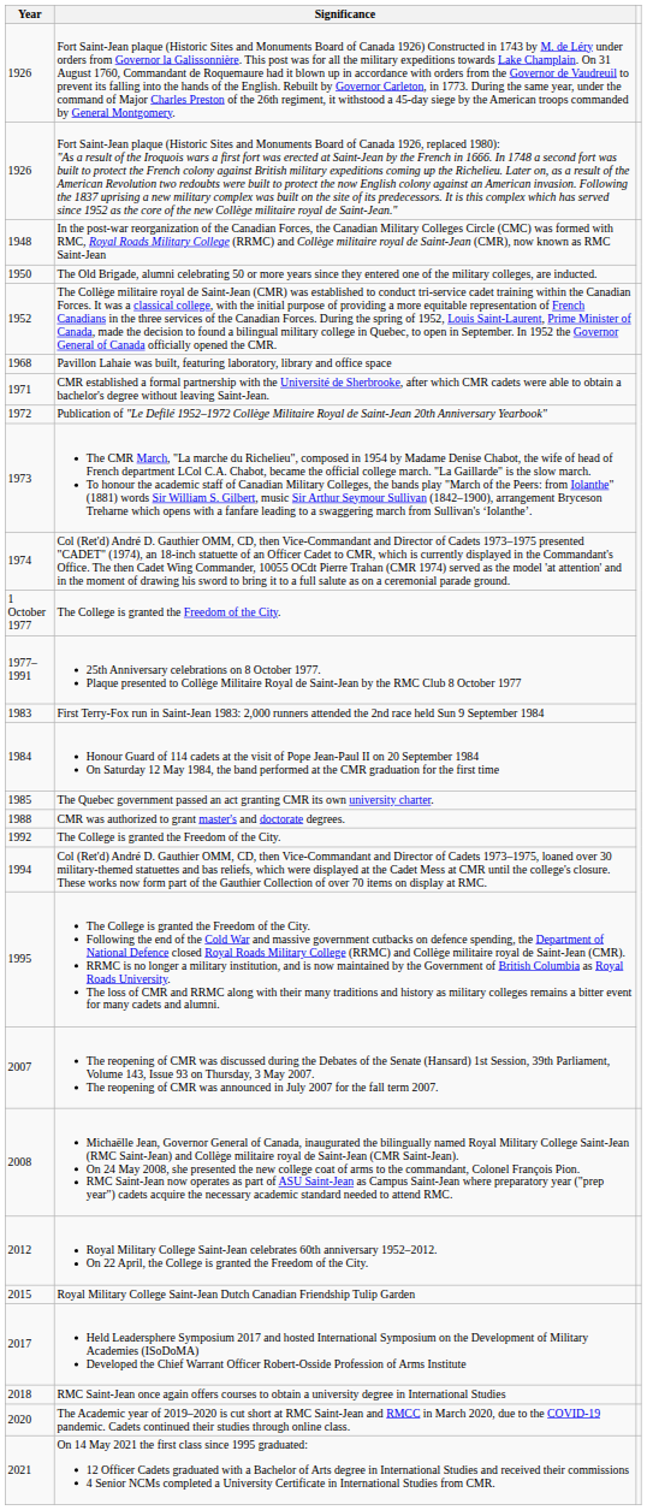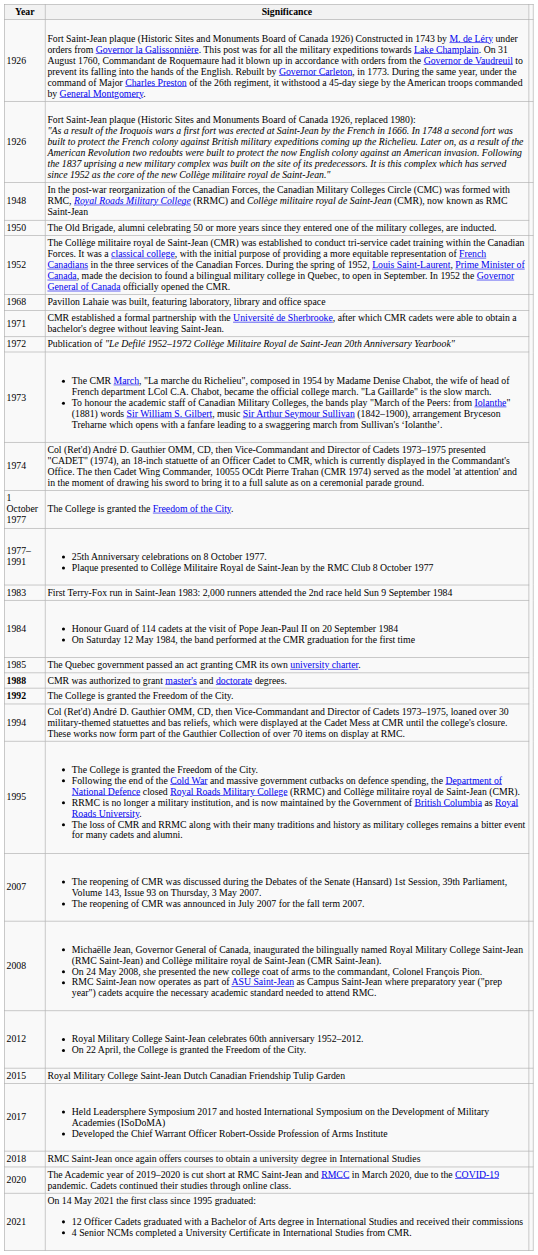 <table class="wikitable">
 <tr>
 <th>Year</th>
 <th>Significance</th>
 </tr>
 <tr>
 <td>1926</td>
 <td><br>Fort Saint-Jean plaque (Historic Sites and Monuments Board of Canada 1926) Constructed in 1743 by <a href='#'>M. de Léry</a> under orders from <a href='#'>Governor la Galissonnière</a>. This post was for all the military expeditions towards <a href='#'>Lake Champlain</a>. On 31 August 1760, Commandant de Roquemaure had it blown up in accordance with orders from the <a href='#'>Governor de Vaudreuil</a> to prevent its falling into the hands of the English. Rebuilt by <a href='#'>Governor Carleton</a>, in 1773. During the same year, under the command of Major <a href='#'>Charles Preston</a> of the 26th regiment, it withstood a 45-day siege by the American troops commanded by <a href='#'>General Montgomery</a>.</td>
 <td></td>
 </tr>
 <tr>
 <td>1926</td>
 <td><br>Fort Saint-Jean plaque (Historic Sites and Monuments Board of Canada 1926, replaced 1980):<br><em>"As a result of the Iroquois wars a first fort was erected at Saint-Jean by the French in 1666. In 1748 a second fort was built to protect the French colony against British military expeditions coming up the Richelieu. Later on, as a result of the American Revolution two redoubts were built to protect the now English colony against an American invasion. Following the 1837 uprising a new military complex was built on the site of its predecessors. It is this complex which has served since 1952 as the core of the new Collège militaire royal de Saint-Jean."</em></td>
 <td></td>
 </tr>
 <tr>
 <td>1948</td>
 <td>In the post-war reorganization of the Canadian Forces, the Canadian Military Colleges Circle (CMC) was formed with RMC, <em><a href='#'>Royal Roads Military College</a></em> (RRMC) and <em>Collège militaire royal de Saint-Jean</em> (CMR), now known as RMC Saint-Jean</td>
 </tr>
 <tr>
 <td>1950</td>
 <td>The Old Brigade, alumni celebrating 50 or more years since they entered one of the military colleges, are inducted.</td>
 </tr>
 <tr>
 <td>1952</td>
 <td>The Collège militaire royal de Saint-Jean (CMR) was established to conduct tri-service cadet training within the Canadian Forces. It was a <a href='#'>classical college</a>, with the initial purpose of providing a more equitable representation of <a href='#'>French Canadians</a> in the three services of the Canadian Forces. During the spring of 1952, <a href='#'>Louis Saint-Laurent</a>, <a href='#'>Prime Minister of Canada</a>, made the decision to found a bilingual military college in Quebec, to open in September. In 1952 the <a href='#'>Governor General of Canada</a> officially opened the CMR.</td>
 <td></td>
 </tr>
 <tr>
 <td>1968</td>
 <td>Pavillon Lahaie was built, featuring laboratory, library and office space</td>
 </tr>
 <tr>
 <td>1971</td>
 <td>CMR established a formal partnership with the <a href='#'>Université de Sherbrooke</a>, after which CMR cadets were able to obtain a bachelor's degree without leaving Saint-Jean.</td>
 </tr>
 <tr>
 <td>1972</td>
 <td>Publication of <em>"Le Defilé 1952–1972 Collège Militaire Royal de Saint-Jean 20th Anniversary Yearbook"</em></td>
 </tr>
 <tr>
 <td>1973</td>
 <td><br><ul><li>The CMR <a href='#'>March</a>, "La marche du Richelieu", composed in 1954 by Madame Denise Chabot, the wife of head of French department LCol C.A. Chabot, became the official college march. "La Gaillarde" is the slow march.</li><li>To honour the academic staff of Canadian Military Colleges, the bands play "March of the Peers: from <a href='#'>Iolanthe</a>" (1881) words <a href='#'>Sir William S. Gilbert</a>, music <a href='#'>Sir Arthur Seymour Sullivan</a> (1842–1900), arrangement Bryceson Treharne which opens with a fanfare leading to a swaggering march from Sullivan's ‘Iolanthe’.</li></ul></td>
 </tr>
 <tr>
 <td>1974</td>
 <td>Col (Ret'd) André D. Gauthier OMM, CD, then Vice-Commandant and Director of Cadets 1973–1975 presented "CADET" (1974), an 18-inch statuette of an Officer Cadet to CMR, which is currently displayed in the Commandant's Office. The then Cadet Wing Commander, 10055 OCdt Pierre Trahan (CMR 1974) served as the model 'at attention' and in the moment of drawing his sword to bring it to a full salute as on a ceremonial parade ground.</td>
 </tr>
 <tr>
 <td>1 October 1977</td>
 <td>The College is granted the <a href='#'>Freedom of the City</a>.</td>
 </tr>
 <tr>
 <td>1977–1991</td>
 <td><br><ul><li>25th Anniversary celebrations on 8 October 1977.</li><li>Plaque presented to Collège Militaire Royal de Saint-Jean by the RMC Club 8 October 1977</li></ul></td>
 </tr>
 <tr>
 <td>1983</td>
 <td>First Terry-Fox run in Saint-Jean 1983: 2,000 runners attended the 2nd race held Sun 9 September 1984</td>
 </tr>
 <tr>
 <td>1984</td>
 <td><br><ul><li>Honour Guard of 114 cadets at the visit of Pope Jean-Paul II on 20 September 1984</li><li>On Saturday 12 May 1984, the band performed at the CMR graduation for the first time</li></ul></td>
 </tr>
 <tr>
 <td>1985</td>
 <td>The Quebec government passed an act granting CMR its own <a href='#'>university charter</a>.</td>
 </tr>
 <tr>
-<td>1988</td>
+<td><strong>1988</strong></td>
 <td>CMR was authorized to grant <a href='#'>master's</a> and <a href='#'>doctorate</a> degrees.</td>
 </tr>
 <tr>
-<td>1992</td>
+<td><strong>1992</strong></td>
 <td>The College is granted the Freedom of the City.</td>
 </tr>
 <tr>
 <td>1994</td>
 <td>Col (Ret'd) André D. Gauthier OMM, CD, then Vice-Commandant and Director of Cadets 1973–1975, loaned over 30 military-themed statuettes and bas reliefs, which were displayed at the Cadet Mess at CMR until the college's closure. These works now form part of the Gauthier Collection of over 70 items on display at RMC.</td>
 </tr>
 <tr>
 <td>1995</td>
 <td><br><ul><li>The College is granted the Freedom of the City.</li><li>Following the end of the <a href='#'>Cold War</a> and massive government cutbacks on defence spending, the <a href='#'>Department of National Defence</a> closed <a href='#'>Royal Roads Military College</a> (RRMC) and Collège militaire royal de Saint-Jean (CMR).</li><li>RRMC is no longer a military institution, and is now maintained by the Government of <a href='#'>British Columbia</a> as <a href='#'>Royal Roads University</a>.</li><li>The loss of CMR and RRMC along with their many traditions and history as military colleges remains a bitter event for many cadets and alumni.</li></ul></td>
 </tr>
 <tr>
 <td>2007</td>
 <td><br><ul><li>The reopening of CMR was discussed during the Debates of the Senate (Hansard) 1st Session, 39th Parliament, Volume 143, Issue 93 on Thursday, 3 May 2007.</li><li>The reopening of CMR was announced in July 2007 for the fall term 2007.</li></ul></td>
 </tr>
 <tr>
 <td>2008</td>
 <td><br><ul><li>Michaëlle Jean, Governor General of Canada, inaugurated the bilingually named Royal Military College Saint-Jean (RMC Saint-Jean) and Collège militaire royal de Saint-Jean (CMR Saint-Jean).</li><li>On 24 May 2008, she presented the new college coat of arms to the commandant, Colonel François Pion.</li><li>RMC Saint-Jean now operates as part of <a href='#'>ASU Saint-Jean</a> as Campus Saint-Jean where preparatory year ("prep year") cadets acquire the necessary academic standard needed to attend RMC.</li></ul></td>
 <td></td>
 </tr>
 <tr>
 <td>2012</td>
 <td><br><ul><li>Royal Military College Saint-Jean celebrates 60th anniversary 1952–2012.</li><li>On 22 April, the College is granted the Freedom of the City.</li></ul></td>
 <td></td>
 </tr>
 <tr>
 <td>2015</td>
 <td>Royal Military College Saint-Jean Dutch Canadian Friendship Tulip Garden</td>
 <td></td>
 </tr>
 <tr>
 <td>2017</td>
 <td><br><ul><li>Held Leadersphere Symposium 2017 and hosted International Symposium on the Development of Military Academies (ISoDoMA)</li><li>Developed the Chief Warrant Officer Robert-Osside Profession of Arms Institute</li></ul></td>
 <td></td>
 </tr>
 <tr>
 <td>2018</td>
 <td>RMC Saint-Jean once again offers courses to obtain a university degree in International Studies</td>
 <td></td>
 </tr>
 <tr>
 <td>2020</td>
 <td>The Academic year of 2019–2020 is cut short at RMC Saint-Jean and <a href='#'>RMCC</a> in March 2020, due to the <a href='#'>COVID-19</a> pandemic. Cadets continued their studies through online class.</td>
 <td></td>
 </tr>
 <tr>
 <td>2021</td>
 <td>On 14 May 2021 the first class since 1995 graduated:<br><ul><li>12 Officer Cadets graduated with a Bachelor of Arts degree in International Studies and received their commissions</li><li>4 Senior NCMs completed a University Certificate in International Studies from CMR.</li></ul></td>
 <td></td>
 </tr>
 </table>
